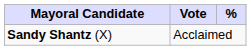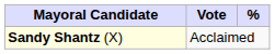 <table class="wikitable">
 <tr>
 <th style="background:#ddf; width:200px;">Mayoral Candidate</th>
 <th style="background:#ddf; width:50px;">Vote</th>
 <th style="background:#ddf; width:30px;">%</th>
 </tr>
 <tr>
-<td><strong>Sandy Shantz</strong> (X)</td>
+<td style="background: lightyellow;"><strong>Sandy Shantz</strong> (X)</td>
 <td colspan="2">Acclaimed</td>
 </tr>
 </table>
